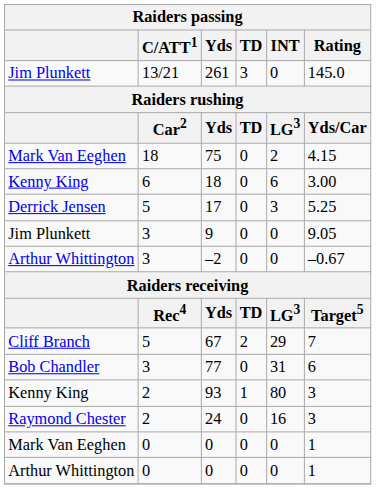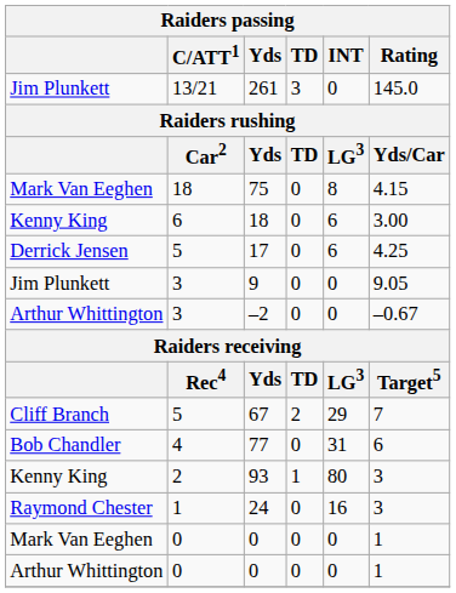 <table class="wikitable">
 <tr>
 <th colspan=6>Raiders passing</th>
 </tr>
 <tr>
 <th></th>
 <th>C/ATT<sup>1</sup></th>
 <th>Yds</th>
 <th>TD</th>
 <th>INT</th>
 <th>Rating</th>
 </tr>
 <tr>
 <td><a href='#'>Jim Plunkett</a></td>
 <td>13/21</td>
 <td>261</td>
 <td>3</td>
 <td>0</td>
 <td>145.0</td>
 </tr>
 <tr>
 <th colspan=6>Raiders rushing</th>
 </tr>
 <tr>
 <th></th>
 <th>Car<sup>2</sup></th>
 <th>Yds</th>
 <th>TD</th>
 <th>LG<sup>3</sup></th>
 <th>Yds/Car</th>
 </tr>
 <tr>
 <td><a href='#'>Mark Van Eeghen</a></td>
 <td>18</td>
 <td>75</td>
 <td>0</td>
-<td>2</td>
+<td>8</td>
 <td>4.15</td>
 </tr>
 <tr>
 <td><a href='#'>Kenny King</a></td>
 <td>6</td>
 <td>18</td>
 <td>0</td>
 <td>6</td>
 <td>3.00</td>
 </tr>
 <tr>
 <td><a href='#'>Derrick Jensen</a></td>
 <td>5</td>
 <td>17</td>
 <td>0</td>
-<td>3</td>
-<td>5.25</td>
+<td>6</td>
+<td>4.25</td>
 </tr>
 <tr>
 <td>Jim Plunkett</td>
 <td>3</td>
 <td>9</td>
 <td>0</td>
 <td>0</td>
 <td>9.05</td>
 </tr>
 <tr>
 <td><a href='#'>Arthur Whittington</a></td>
 <td>3</td>
 <td>–2</td>
 <td>0</td>
 <td>0</td>
 <td>–0.67</td>
 </tr>
 <tr>
 <th colspan=6>Raiders receiving</th>
 </tr>
 <tr>
 <th></th>
 <th>Rec<sup>4</sup></th>
 <th>Yds</th>
 <th>TD</th>
 <th>LG<sup>3</sup></th>
 <th>Target<sup>5</sup></th>
 </tr>
 <tr>
 <td><a href='#'>Cliff Branch</a></td>
 <td>5</td>
 <td>67</td>
 <td>2</td>
 <td>29</td>
 <td>7</td>
 </tr>
 <tr>
 <td><a href='#'>Bob Chandler</a></td>
-<td>3</td>
+<td>4</td>
 <td>77</td>
 <td>0</td>
 <td>31</td>
 <td>6</td>
 </tr>
 <tr>
 <td>Kenny King</td>
 <td>2</td>
 <td>93</td>
 <td>1</td>
 <td>80</td>
 <td>3</td>
 </tr>
 <tr>
 <td><a href='#'>Raymond Chester</a></td>
-<td>2</td>
+<td>1</td>
 <td>24</td>
 <td>0</td>
 <td>16</td>
 <td>3</td>
 </tr>
 <tr>
 <td>Mark Van Eeghen</td>
 <td>0</td>
 <td>0</td>
 <td>0</td>
 <td>0</td>
 <td>1</td>
 </tr>
 <tr>
 <td>Arthur Whittington</td>
 <td>0</td>
 <td>0</td>
 <td>0</td>
 <td>0</td>
 <td>1</td>
 </tr>
 <tr>
 </tr>
 </table>
